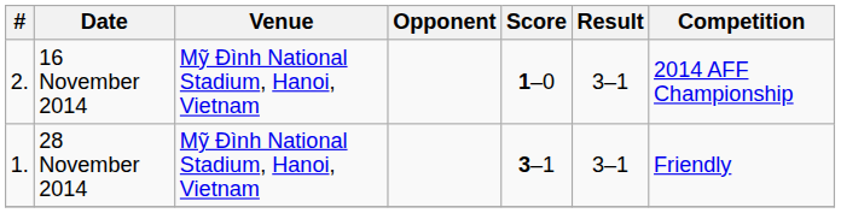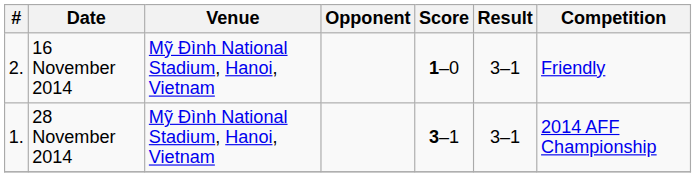 <table class="wikitable collapsible collapsed">
 <tr>
 <th>#</th>
 <th>Date</th>
 <th>Venue</th>
 <th>Opponent</th>
 <th>Score</th>
 <th>Result</th>
 <th>Competition</th>
 </tr>
 <tr>
 <td>2.</td>
 <td>16 November 2014</td>
 <td><a href='#'>Mỹ Đình National Stadium</a>, <a href='#'>Hanoi</a>, <a href='#'>Vietnam</a></td>
 <td></td>
 <td align=center><strong>1</strong>–0</td>
 <td align=center>3–1</td>
-<td><a href='#'>2014 AFF Championship</a></td>
+<td><a href='#'>Friendly</a></td>
 </tr>
 <tr>
 <td>1.</td>
 <td>28 November 2014</td>
 <td><a href='#'>Mỹ Đình National Stadium</a>, <a href='#'>Hanoi</a>, <a href='#'>Vietnam</a></td>
 <td></td>
 <td align=center><strong>3</strong>–1</td>
 <td align=center>3–1</td>
-<td><a href='#'>Friendly</a></td>
+<td><a href='#'>2014 AFF Championship</a></td>
 </tr>
 <tr>
 </tr>
 </table>
